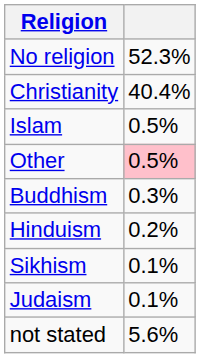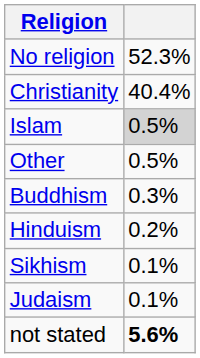 <table class="wikitable">
 <tr>
 <th><a href='#'>Religion</a></th>
 <th></th>
 </tr>
 <tr>
 <td><a href='#'>No religion</a></td>
 <td>52.3%</td>
 </tr>
 <tr>
 <td><a href='#'>Christianity</a></td>
 <td>40.4%</td>
 </tr>
 <tr>
 <td><a href='#'>Islam</a></td>
-<td>0.5%</td>
+<td style="background: lightgrey;">0.5%</td>
 </tr>
 <tr>
 <td><a href='#'>Other</a></td>
-<td style="background: pink;">0.5%</td>
+<td>0.5%</td>
 </tr>
 <tr>
 <td><a href='#'>Buddhism</a></td>
 <td>0.3%</td>
 </tr>
 <tr>
 <td><a href='#'>Hinduism</a></td>
 <td>0.2%</td>
 </tr>
 <tr>
 <td><a href='#'>Sikhism</a></td>
 <td>0.1%</td>
 </tr>
 <tr>
 <td><a href='#'>Judaism</a></td>
 <td>0.1%</td>
 </tr>
 <tr>
 <td>not stated</td>
-<td>5.6%</td>
+<td><strong>5.6%</strong></td>
 </tr>
 </table>
